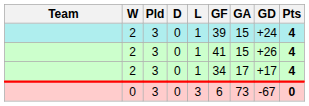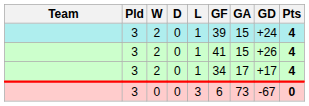 <table class="wikitable" style="text-align:center;">
 <tr>
 <th width=150>Team</th>
+<th width=20>Pld</th>
 <th width=20>W</th>
-<th width=20>Pld</th>
 <th width=20>D</th>
 <th width=20>L</th>
 <th width=20>GF</th>
 <th width=20>GA</th>
 <th width=20>GD</th>
 <th width=20>Pts</th>
 </tr>
 <tr bgcolor="#afeeee">
 <td align="left"></td>
+<td>3</td>
 <td>2</td>
-<td>3</td>
 <td>0</td>
 <td>1</td>
 <td>39</td>
 <td>15</td>
 <td>+24</td>
 <td><strong>4</strong></td>
 </tr>
 <tr bgcolor="#ccffcc">
 <td align="left"></td>
+<td>3</td>
 <td>2</td>
-<td>3</td>
 <td>0</td>
 <td>1</td>
 <td>41</td>
 <td>15</td>
 <td>+26</td>
 <td><strong>4</strong></td>
 </tr>
 <tr bgcolor="#ccffcc" style ="border-bottom:3px solid red;">
 <td align="left"></td>
+<td>3</td>
 <td>2</td>
-<td>3</td>
 <td>0</td>
 <td>1</td>
 <td>34</td>
 <td>17</td>
 <td>+17</td>
 <td><strong>4</strong></td>
 </tr>
 <tr bgcolor="#ffcccc">
 <td align="left"></td>
+<td>3</td>
 <td>0</td>
-<td>3</td>
 <td>0</td>
 <td>3</td>
 <td>6</td>
 <td>73</td>
 <td>-67</td>
 <td><strong>0</strong></td>
 </tr>
 </table>
